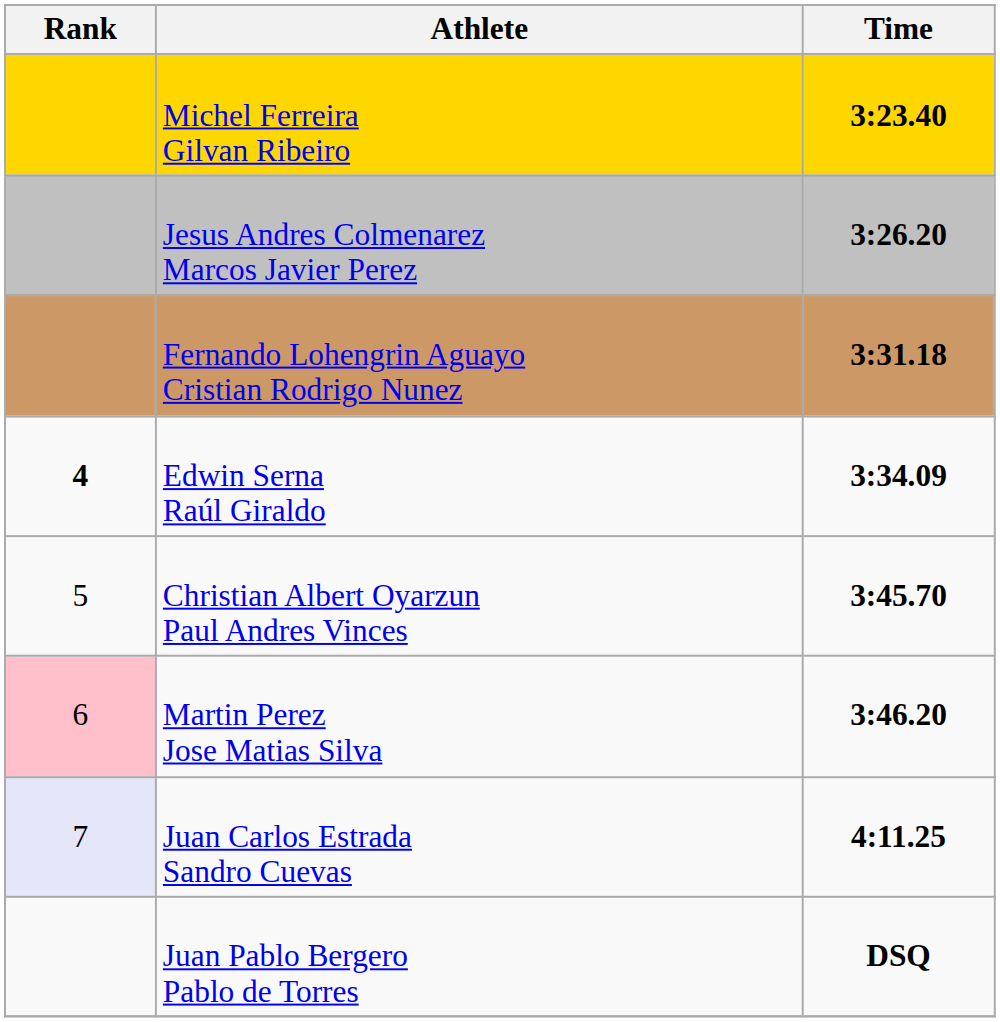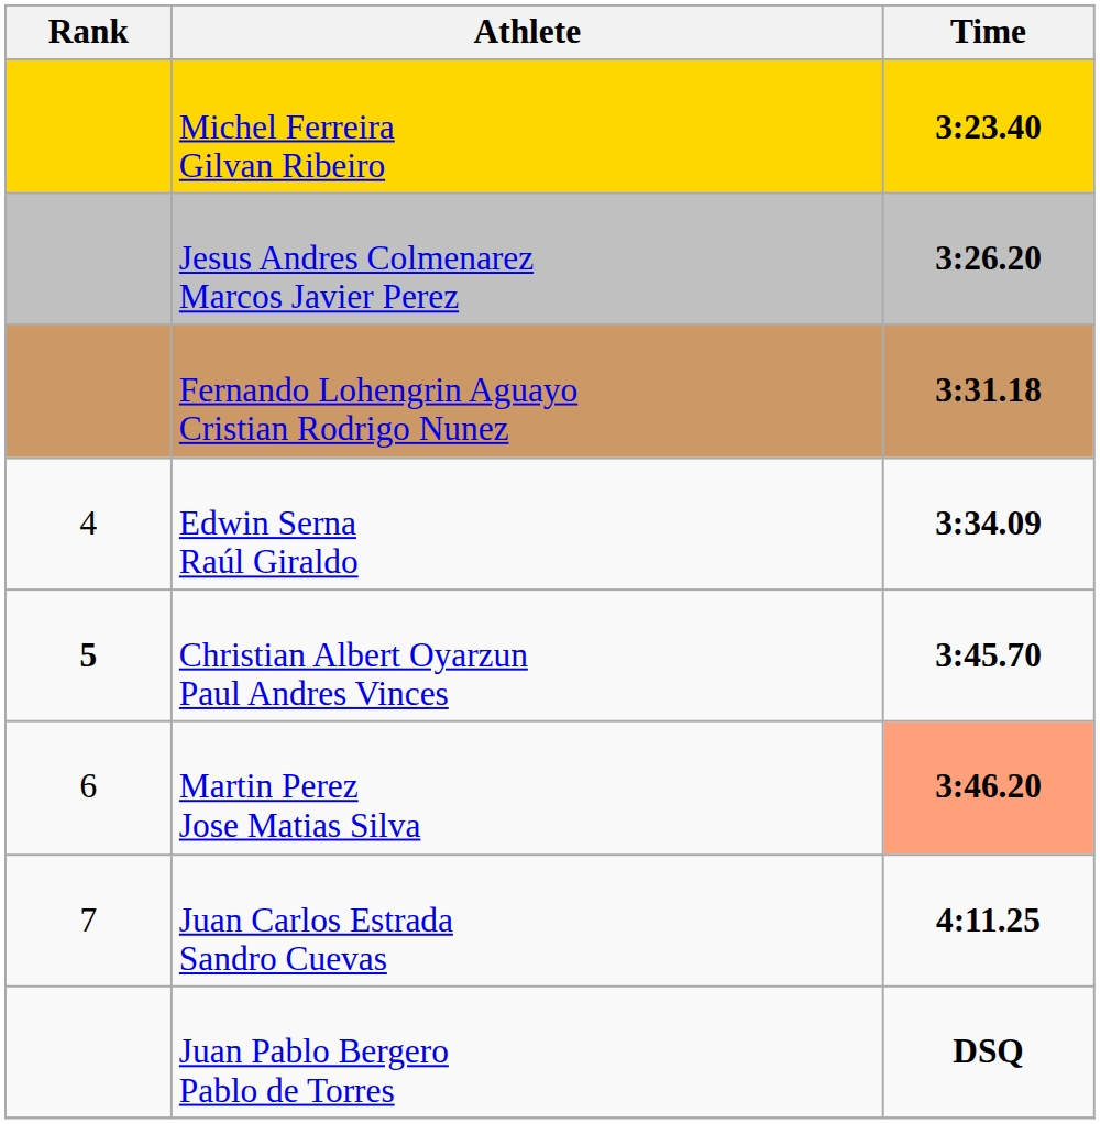 <table class="wikitable" width=40% style="text-align:center">
 <tr>
 <th>Rank</th>
 <th>Athlete</th>
 <th>Time</th>
 </tr>
 <tr bgcolor=gold>
 <td></td>
 <td align=left><br><a href='#'>Michel Ferreira</a><br><a href='#'>Gilvan Ribeiro</a></td>
 <td><strong>3:23.40</strong></td>
 </tr>
 <tr bgcolor=silver>
 <td></td>
 <td align=left><br><a href='#'>Jesus Andres Colmenarez</a><br><a href='#'>Marcos Javier Perez</a></td>
 <td><strong>3:26.20</strong></td>
 </tr>
 <tr bgcolor=cc9966>
 <td></td>
 <td align=left><br><a href='#'>Fernando Lohengrin Aguayo</a><br><a href='#'>Cristian Rodrigo Nunez</a></td>
 <td><strong>3:31.18</strong></td>
 </tr>
 <tr>
-<td><strong>4</strong></td>
+<td>4</td>
 <td align=left><br><a href='#'>Edwin Serna</a><br><a href='#'>Raúl Giraldo</a></td>
 <td><strong>3:34.09</strong></td>
 </tr>
 <tr>
-<td>5</td>
+<td><strong>5</strong></td>
 <td align=left><br><a href='#'>Christian Albert Oyarzun</a><br><a href='#'>Paul Andres Vinces</a></td>
 <td><strong>3:45.70</strong></td>
 </tr>
 <tr>
-<td style="background: pink;">6</td>
+<td>6</td>
 <td align=left><br><a href='#'>Martin Perez</a><br><a href='#'>Jose Matias Silva</a></td>
-<td><strong>3:46.20</strong></td>
+<td style="background: lightsalmon;"><strong>3:46.20</strong></td>
 </tr>
 <tr>
-<td style="background: lavender;">7</td>
+<td>7</td>
 <td align=left><br><a href='#'>Juan Carlos Estrada</a><br><a href='#'>Sandro Cuevas</a></td>
 <td><strong>4:11.25</strong></td>
 </tr>
 <tr>
 <td></td>
 <td align=left><br><a href='#'>Juan Pablo Bergero</a><br><a href='#'>Pablo de Torres</a></td>
 <td><strong>DSQ</strong></td>
 </tr>
 <tr>
 </tr>
 </table>
